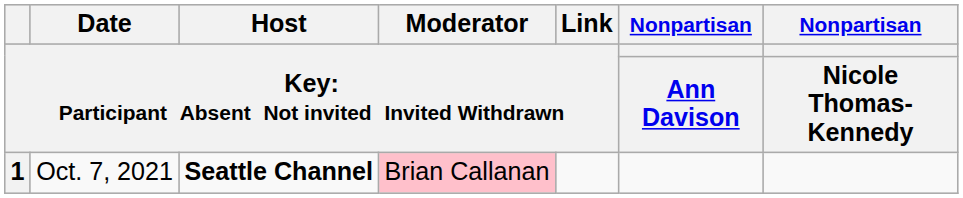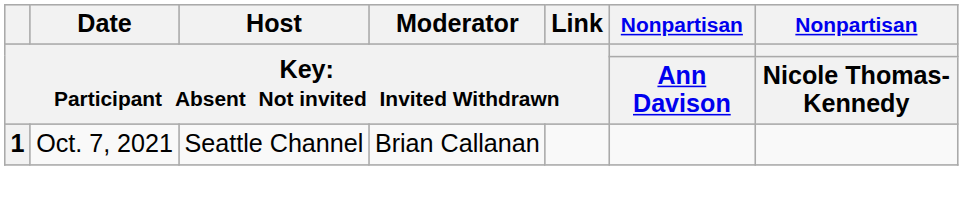 <table class="wikitable" style="text-align:center;">
 <tr>
 <th scope="col"></th>
 <th scope="col">Date</th>
 <th scope="col">Host</th>
 <th scope="col">Moderator</th>
 <th scope="col">Link</th>
 <th scope="col"><small><a href='#'>Nonpartisan</a></small></th>
 <th scope="col"><small><a href='#'>Nonpartisan</a></small></th>
 </tr>
 <tr>
 <th colspan="5" rowspan="2">Key:<br> <small>Participant </small>  <small>Absent </small>  <small>Not invited </small>  <small>Invited  Withdrawn</small></th>
 <th scope="col" style="background:"></th>
 <th scope="col" style="background:"></th>
 </tr>
 <tr>
 <th scope="col"><a href='#'>Ann Davison</a></th>
 <th scope="col">Nicole Thomas-Kennedy</th>
 </tr>
 <tr>
 <th>1</th>
 <td style="white-space:nowrap;">Oct. 7, 2021</td>
-<td style="white-space:nowrap;"><strong>Seattle Channel</strong></td>
-<td style="background: pink; white-space:nowrap;">Brian Callanan</td>
+<td style="white-space:nowrap;">Seattle Channel</td>
+<td style="white-space:nowrap;">Brian Callanan</td>
 <td style="white-space:nowrap;"></td>
 <td></td>
 <td></td>
 </tr>
 </table>
